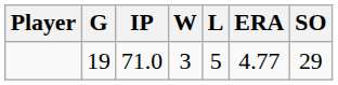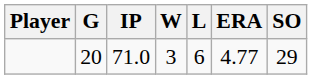 <table class="wikitable sortable">
 <tr>
 <th>Player</th>
 <th>G</th>
 <th>IP</th>
 <th>W</th>
 <th>L</th>
 <th>ERA</th>
 <th>SO</th>
 </tr>
 <tr style="text-align:center;">
 <td></td>
-<td>19</td>
+<td>20</td>
 <td>71.0</td>
 <td>3</td>
-<td>5</td>
+<td>6</td>
 <td>4.77</td>
 <td>29</td>
 </tr>
 </table>
